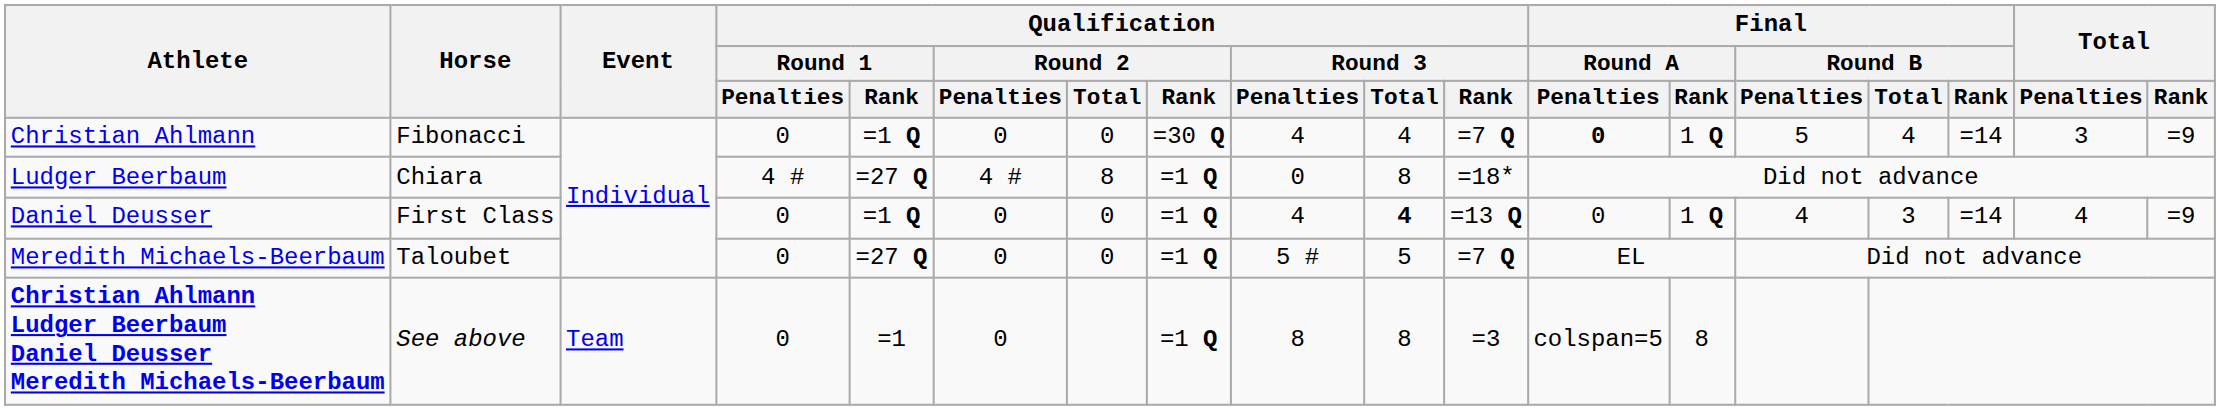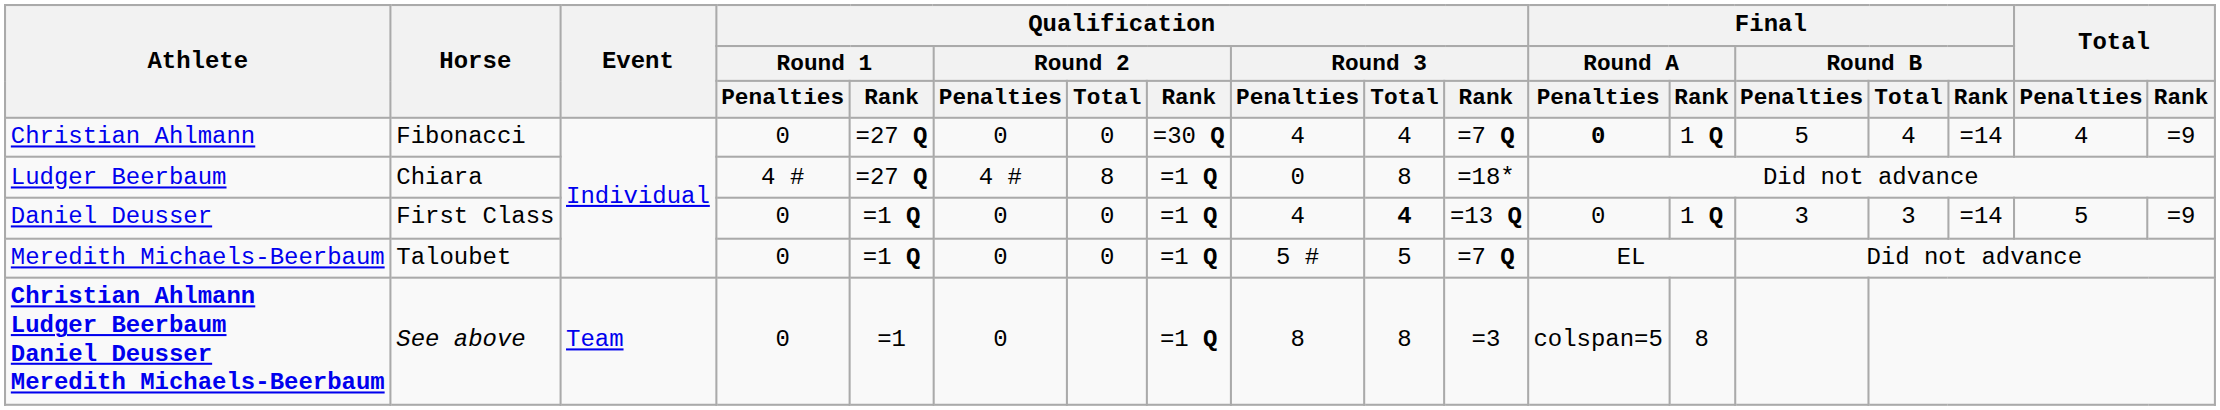 <table class="wikitable" style="font-size:90%">
 <tr>
 <th rowspan="3">Athlete</th>
 <th rowspan="3">Horse</th>
 <th rowspan="3">Event</th>
 <th colspan="8">Qualification</th>
 <th colspan="5">Final</th>
 <th rowspan=2 colspan="2">Total</th>
 </tr>
 <tr style="font-size:95%">
 <th colspan="2">Round 1</th>
 <th colspan="3">Round 2</th>
 <th colspan="3">Round 3</th>
 <th colspan="2">Round A</th>
 <th colspan="3">Round B</th>
 </tr>
 <tr style="font-size:95%">
 <th>Penalties</th>
 <th>Rank</th>
 <th>Penalties</th>
 <th>Total</th>
 <th>Rank</th>
 <th>Penalties</th>
 <th>Total</th>
 <th>Rank</th>
 <th>Penalties</th>
 <th>Rank</th>
 <th>Penalties</th>
 <th>Total</th>
 <th>Rank</th>
 <th>Penalties</th>
 <th>Rank</th>
 </tr>
 <tr align=center>
 <td align=left><a href='#'>Christian Ahlmann</a></td>
 <td align=left>Fibonacci</td>
 <td align=left rowspan=4><a href='#'>Individual</a></td>
 <td>0</td>
-<td>=1 <strong>Q</strong></td>
+<td>=27 <strong>Q</strong></td>
 <td>0</td>
 <td>0</td>
 <td>=30 <strong>Q</strong></td>
 <td>4</td>
 <td>4</td>
 <td>=7 <strong>Q</strong></td>
 <td><strong>0</strong></td>
 <td>1 <strong>Q</strong></td>
 <td>5</td>
 <td>4</td>
 <td>=14</td>
-<td>3</td>
+<td>4</td>
 <td>=9</td>
 </tr>
 <tr align=center>
 <td align=left><a href='#'>Ludger Beerbaum</a></td>
 <td align=left>Chiara</td>
 <td>4 #</td>
 <td>=27 <strong>Q</strong></td>
 <td>4 #</td>
 <td>8</td>
 <td>=1 <strong>Q</strong></td>
 <td>0</td>
 <td>8</td>
 <td>=18*</td>
 <td colspan=7>Did not advance</td>
 </tr>
 <tr align=center>
 <td align=left><a href='#'>Daniel Deusser</a></td>
 <td align=left>First Class</td>
 <td>0</td>
 <td>=1 <strong>Q</strong></td>
 <td>0</td>
 <td>0</td>
 <td>=1 <strong>Q</strong></td>
 <td>4</td>
 <td><strong>4</strong></td>
 <td>=13 <strong>Q</strong></td>
 <td>0</td>
 <td>1 <strong>Q</strong></td>
-<td>4</td>
+<td>3</td>
 <td>3</td>
 <td>=14</td>
-<td>4</td>
+<td>5</td>
 <td>=9</td>
 </tr>
 <tr align=center>
 <td align=left><a href='#'>Meredith Michaels-Beerbaum</a></td>
 <td align=left>Taloubet</td>
 <td>0</td>
-<td>=27 <strong>Q</strong></td>
+<td>=1 <strong>Q</strong></td>
 <td>0</td>
 <td>0</td>
 <td>=1 <strong>Q</strong></td>
 <td>5 #</td>
 <td>5</td>
 <td>=7 <strong>Q</strong></td>
 <td colspan=2>EL</td>
 <td colspan=5>Did not advance</td>
 </tr>
 <tr align=center>
 <td align=left><strong><a href='#'>Christian Ahlmann</a><br><a href='#'>Ludger Beerbaum</a><br><a href='#'>Daniel Deusser</a><br><a href='#'>Meredith Michaels-Beerbaum</a></strong></td>
 <td align=left><em>See above</em></td>
 <td align=left><a href='#'>Team</a></td>
 <td>0</td>
 <td>=1</td>
 <td>0</td>
 <td></td>
 <td>=1 <strong>Q</strong></td>
 <td>8</td>
 <td>8</td>
 <td>=3</td>
 <td>colspan=5 </td>
 <td>8</td>
 <td></td>
 </tr>
 </table>
